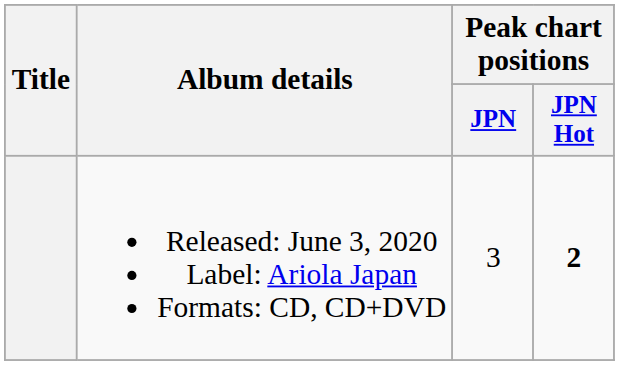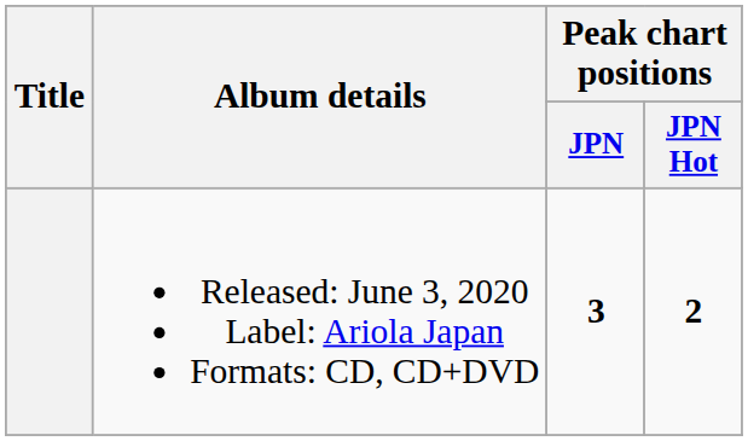 <table class="wikitable plainrowheaders" style="text-align:center;">
 <tr>
 <th scope="col" rowspan="2">Title</th>
 <th scope="col" rowspan="2">Album details</th>
 <th scope="col" colspan="2">Peak chart positions</th>
 </tr>
 <tr>
 <th scope="col" style="width:2.75em;font-size:85%"><a href='#'>JPN</a><br></th>
 <th scope="col" style="width:2.75em;font-size:85%"><a href='#'>JPN<br>Hot</a><br></th>
 </tr>
 <tr>
 <th scope="row"></th>
 <td><br><ul><li>Released: June 3, 2020</li><li>Label: <a href='#'>Ariola Japan</a></li><li>Formats: CD, CD+DVD</li></ul></td>
-<td>3</td>
+<td><strong>3</strong></td>
 <td><strong>2</strong></td>
 </tr>
 </table>
